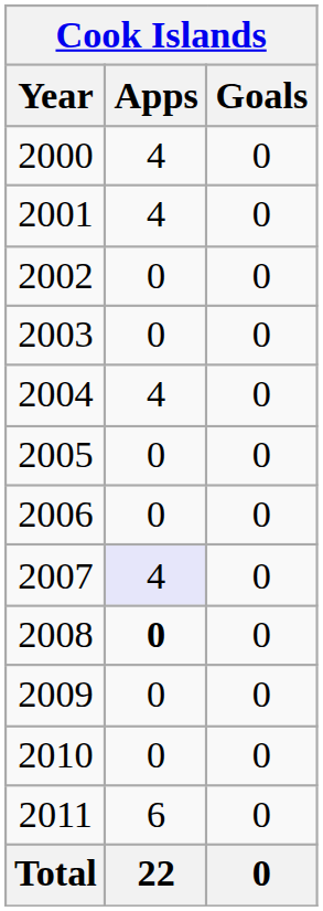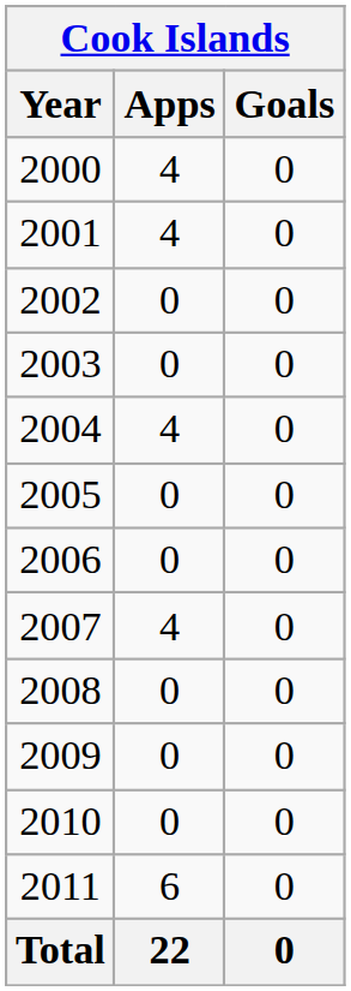 <table class="wikitable" style="text-align:center">
 <tr>
 <th colspan=3><a href='#'>Cook Islands</a></th>
 </tr>
 <tr>
 <th>Year</th>
 <th>Apps</th>
 <th>Goals</th>
 </tr>
 <tr>
 <td>2000</td>
 <td>4</td>
 <td>0</td>
 </tr>
 <tr>
 <td>2001</td>
 <td>4</td>
 <td>0</td>
 </tr>
 <tr>
 <td>2002</td>
 <td>0</td>
 <td>0</td>
 </tr>
 <tr>
 <td>2003</td>
 <td>0</td>
 <td>0</td>
 </tr>
 <tr>
 <td>2004</td>
 <td>4</td>
 <td>0</td>
 </tr>
 <tr>
 <td>2005</td>
 <td>0</td>
 <td>0</td>
 </tr>
 <tr>
 <td>2006</td>
 <td>0</td>
 <td>0</td>
 </tr>
 <tr>
 <td>2007</td>
-<td style="background: lavender;">4</td>
+<td>4</td>
 <td>0</td>
 </tr>
 <tr>
 <td>2008</td>
-<td><strong>0</strong></td>
+<td>0</td>
 <td>0</td>
 </tr>
 <tr>
 <td>2009</td>
 <td>0</td>
 <td>0</td>
 </tr>
 <tr>
 <td>2010</td>
 <td>0</td>
 <td>0</td>
 </tr>
 <tr>
 <td>2011</td>
 <td>6</td>
 <td>0</td>
 </tr>
 <tr>
 <th>Total</th>
 <th>22</th>
 <th>0</th>
 </tr>
 </table>
